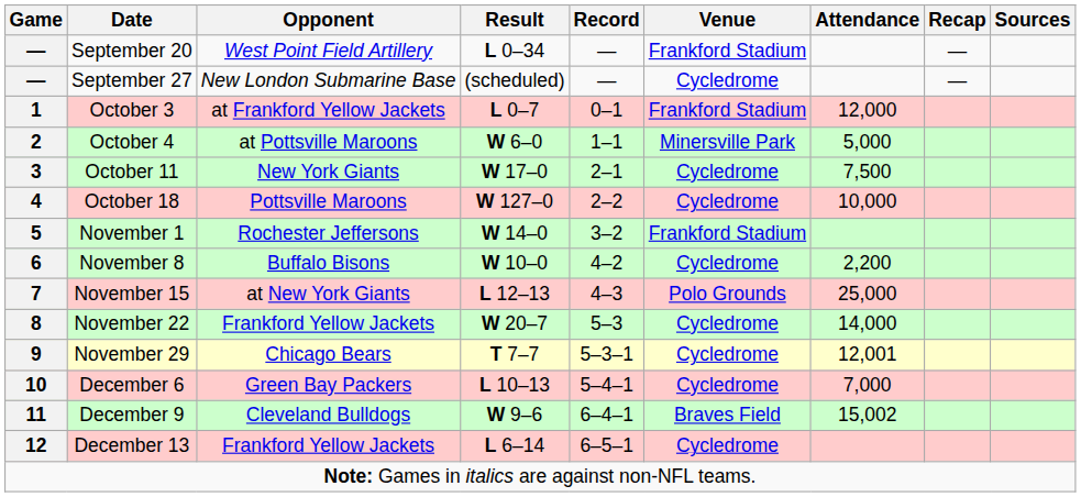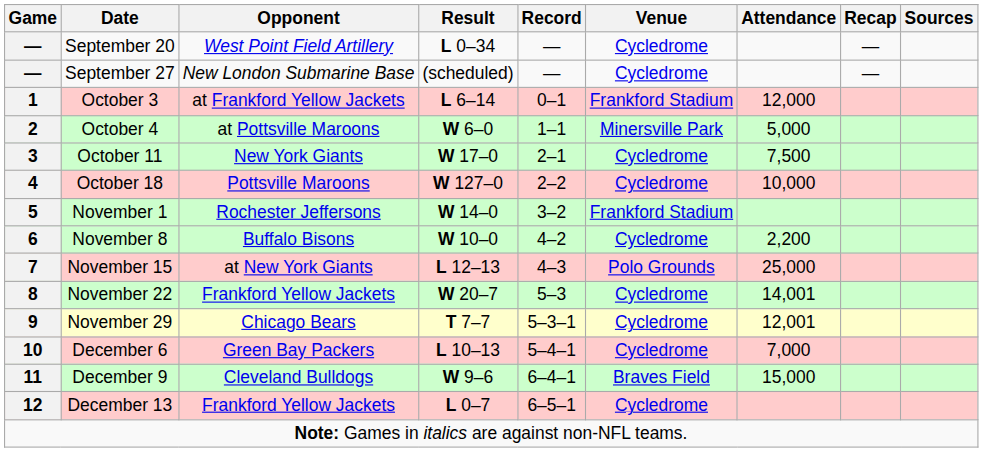 <table class="wikitable" style="text-align:center">
 <tr>
 <th>Game</th>
 <th>Date</th>
 <th>Opponent</th>
 <th>Result</th>
 <th>Record</th>
 <th>Venue</th>
 <th>Attendance</th>
 <th>Recap</th>
 <th>Sources</th>
 </tr>
 <tr>
 <th>—</th>
 <td>September 20</td>
 <td><em><a href='#'>West Point Field Artillery</a></em></td>
 <td><strong>L</strong> 0–34</td>
 <td>—</td>
-<td><a href='#'>Frankford Stadium</a></td>
+<td><a href='#'>Cycledrome</a></td>
 <td></td>
 <td>—</td>
 <td></td>
 </tr>
 <tr>
 <th>—</th>
 <td>September 27</td>
 <td><em>New London Submarine Base</em></td>
 <td>(scheduled)</td>
 <td>—</td>
 <td><a href='#'>Cycledrome</a></td>
 <td></td>
 <td>—</td>
 <td></td>
 </tr>
 <tr style="background:#fcc">
 <th>1</th>
 <td>October 3</td>
 <td>at <a href='#'>Frankford Yellow Jackets</a></td>
-<td><strong>L</strong> 0–7</td>
+<td><strong>L</strong> 6–14</td>
 <td>0–1</td>
 <td><a href='#'>Frankford Stadium</a></td>
 <td>12,000</td>
 <td></td>
 <td></td>
 </tr>
 <tr style="background:#cfc">
 <th>2</th>
 <td>October 4</td>
 <td>at <a href='#'>Pottsville Maroons</a></td>
 <td><strong>W</strong> 6–0</td>
 <td>1–1</td>
 <td><a href='#'>Minersville Park</a></td>
 <td>5,000</td>
 <td></td>
 <td></td>
 </tr>
 <tr style="background:#cfc">
 <th>3</th>
 <td>October 11</td>
 <td><a href='#'>New York Giants</a></td>
 <td><strong>W</strong> 17–0</td>
 <td>2–1</td>
 <td><a href='#'>Cycledrome</a></td>
 <td>7,500</td>
 <td></td>
 <td></td>
 </tr>
 <tr style="background:#fcc">
 <th>4</th>
 <td>October 18</td>
 <td><a href='#'>Pottsville Maroons</a></td>
 <td><strong>W</strong> 127–0</td>
 <td>2–2</td>
 <td><a href='#'>Cycledrome</a></td>
 <td>10,000</td>
 <td></td>
 <td></td>
 </tr>
 <tr style="background:#cfc">
 <th>5</th>
 <td>November 1</td>
 <td><a href='#'>Rochester Jeffersons</a></td>
 <td><strong>W</strong> 14–0</td>
 <td>3–2</td>
 <td><a href='#'>Frankford Stadium</a></td>
 <td></td>
 <td></td>
 <td></td>
 </tr>
 <tr style="background:#cfc">
 <th>6</th>
 <td>November 8</td>
 <td><a href='#'>Buffalo Bisons</a></td>
 <td><strong>W</strong> 10–0</td>
 <td>4–2</td>
 <td><a href='#'>Cycledrome</a></td>
 <td>2,200</td>
 <td></td>
 <td></td>
 </tr>
 <tr style="background:#fcc">
 <th>7</th>
 <td>November 15</td>
 <td>at <a href='#'>New York Giants</a></td>
 <td><strong>L</strong> 12–13</td>
 <td>4–3</td>
 <td><a href='#'>Polo Grounds</a></td>
 <td>25,000 </td>
 <td></td>
 <td></td>
 </tr>
 <tr style="background:#cfc">
 <th>8</th>
 <td>November 22</td>
 <td><a href='#'>Frankford Yellow Jackets</a></td>
 <td><strong>W</strong> 20–7</td>
 <td>5–3</td>
 <td><a href='#'>Cycledrome</a></td>
-<td>14,000</td>
+<td>14,001</td>
 <td></td>
 <td></td>
 </tr>
 <tr style="background:#ffc">
 <th>9</th>
 <td>November 29</td>
 <td><a href='#'>Chicago Bears</a></td>
 <td><strong>T</strong> 7–7</td>
 <td>5–3–1</td>
 <td><a href='#'>Cycledrome</a></td>
 <td>12,001 </td>
 <td></td>
 <td></td>
 </tr>
 <tr style="background:#fcc">
 <th>10</th>
 <td>December 6</td>
 <td><a href='#'>Green Bay Packers</a></td>
 <td><strong>L</strong> 10–13</td>
 <td>5–4–1</td>
 <td><a href='#'>Cycledrome</a></td>
 <td>7,000</td>
 <td></td>
 <td></td>
 </tr>
 <tr style="background:#cfc">
 <th>11</th>
 <td>December 9</td>
 <td><a href='#'>Cleveland Bulldogs</a></td>
 <td><strong>W</strong> 9–6</td>
 <td>6–4–1</td>
 <td><a href='#'>Braves Field</a></td>
-<td>15,002</td>
+<td>15,000</td>
 <td></td>
 <td></td>
 </tr>
 <tr style="background:#fcc">
 <th>12</th>
 <td>December 13</td>
 <td><a href='#'>Frankford Yellow Jackets</a></td>
-<td><strong>L</strong> 6–14</td>
+<td><strong>L</strong> 0–7</td>
 <td>6–5–1</td>
 <td><a href='#'>Cycledrome</a></td>
 <td></td>
 <td></td>
 <td></td>
 </tr>
 <tr>
 <td colspan="10"><strong>Note:</strong> Games in <em>italics</em> are against non-NFL teams.</td>
 </tr>
 </table>
